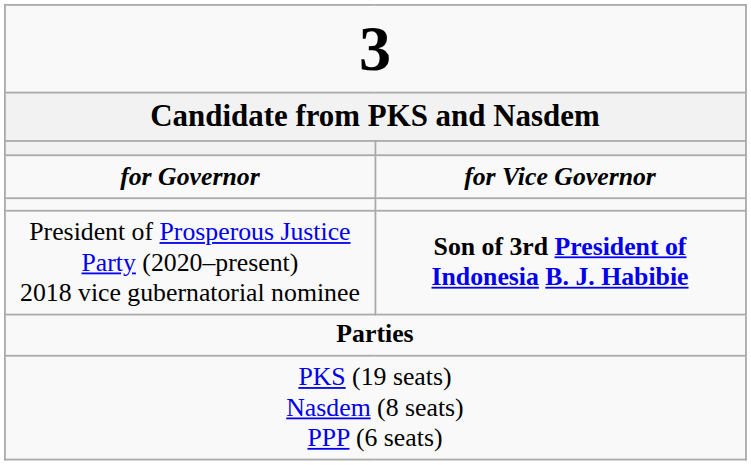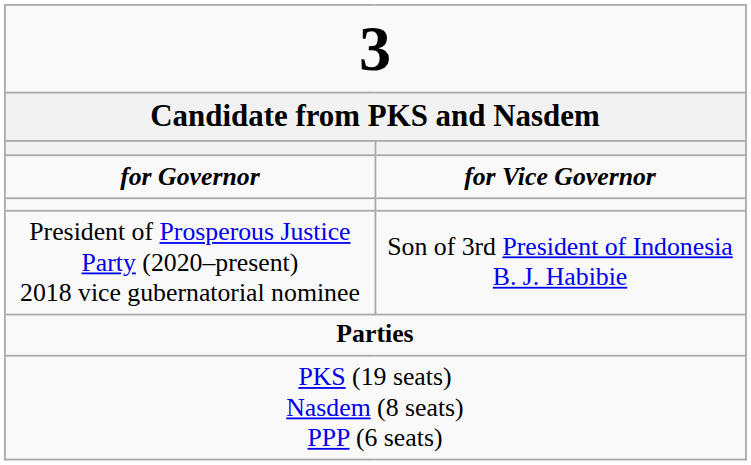 <table class="wikitable" style="font-size:90%; text-align:center;">
 <tr>
 <td colspan=2><big><big><big><big><big><strong>3</strong></big></big></big></big></big></td>
 </tr>
 <tr>
 <th colspan=2><big>Candidate from PKS and Nasdem</big></th>
 </tr>
 <tr>
 <th style="width:3em; font-size:135%; background:#"><a href='#'></a></th>
 <th style="width:3em; font-size:135%; background:#"><a href='#'></a></th>
 </tr>
 <tr style="color:#000; font-size:100%; background:#">
 <td style="width:3em; width:200px;"><strong><em>for Governor</em></strong></td>
 <td style="width:3em; width:200px;"><strong><em>for Vice Governor</em></strong></td>
 </tr>
 <tr>
 <td></td>
 <td></td>
 </tr>
 <tr>
 <td>President of <a href='#'>Prosperous Justice Party</a> (2020–present)<br>2018 vice gubernatorial nominee</td>
-<td><strong>Son of 3rd <a href='#'>President of Indonesia</a> <a href='#'>B. J. Habibie</a></strong></td>
+<td>Son of 3rd <a href='#'>President of Indonesia</a> <a href='#'>B. J. Habibie</a></td>
 </tr>
 <tr>
 <td colspan=2><strong>Parties</strong></td>
 </tr>
 <tr>
 <td colspan=2> <a href='#'>PKS</a> (19 seats)<br><a href='#'>Nasdem</a> (8 seats)<br><a href='#'>PPP</a> (6 seats)</td>
 </tr>
 </table>
